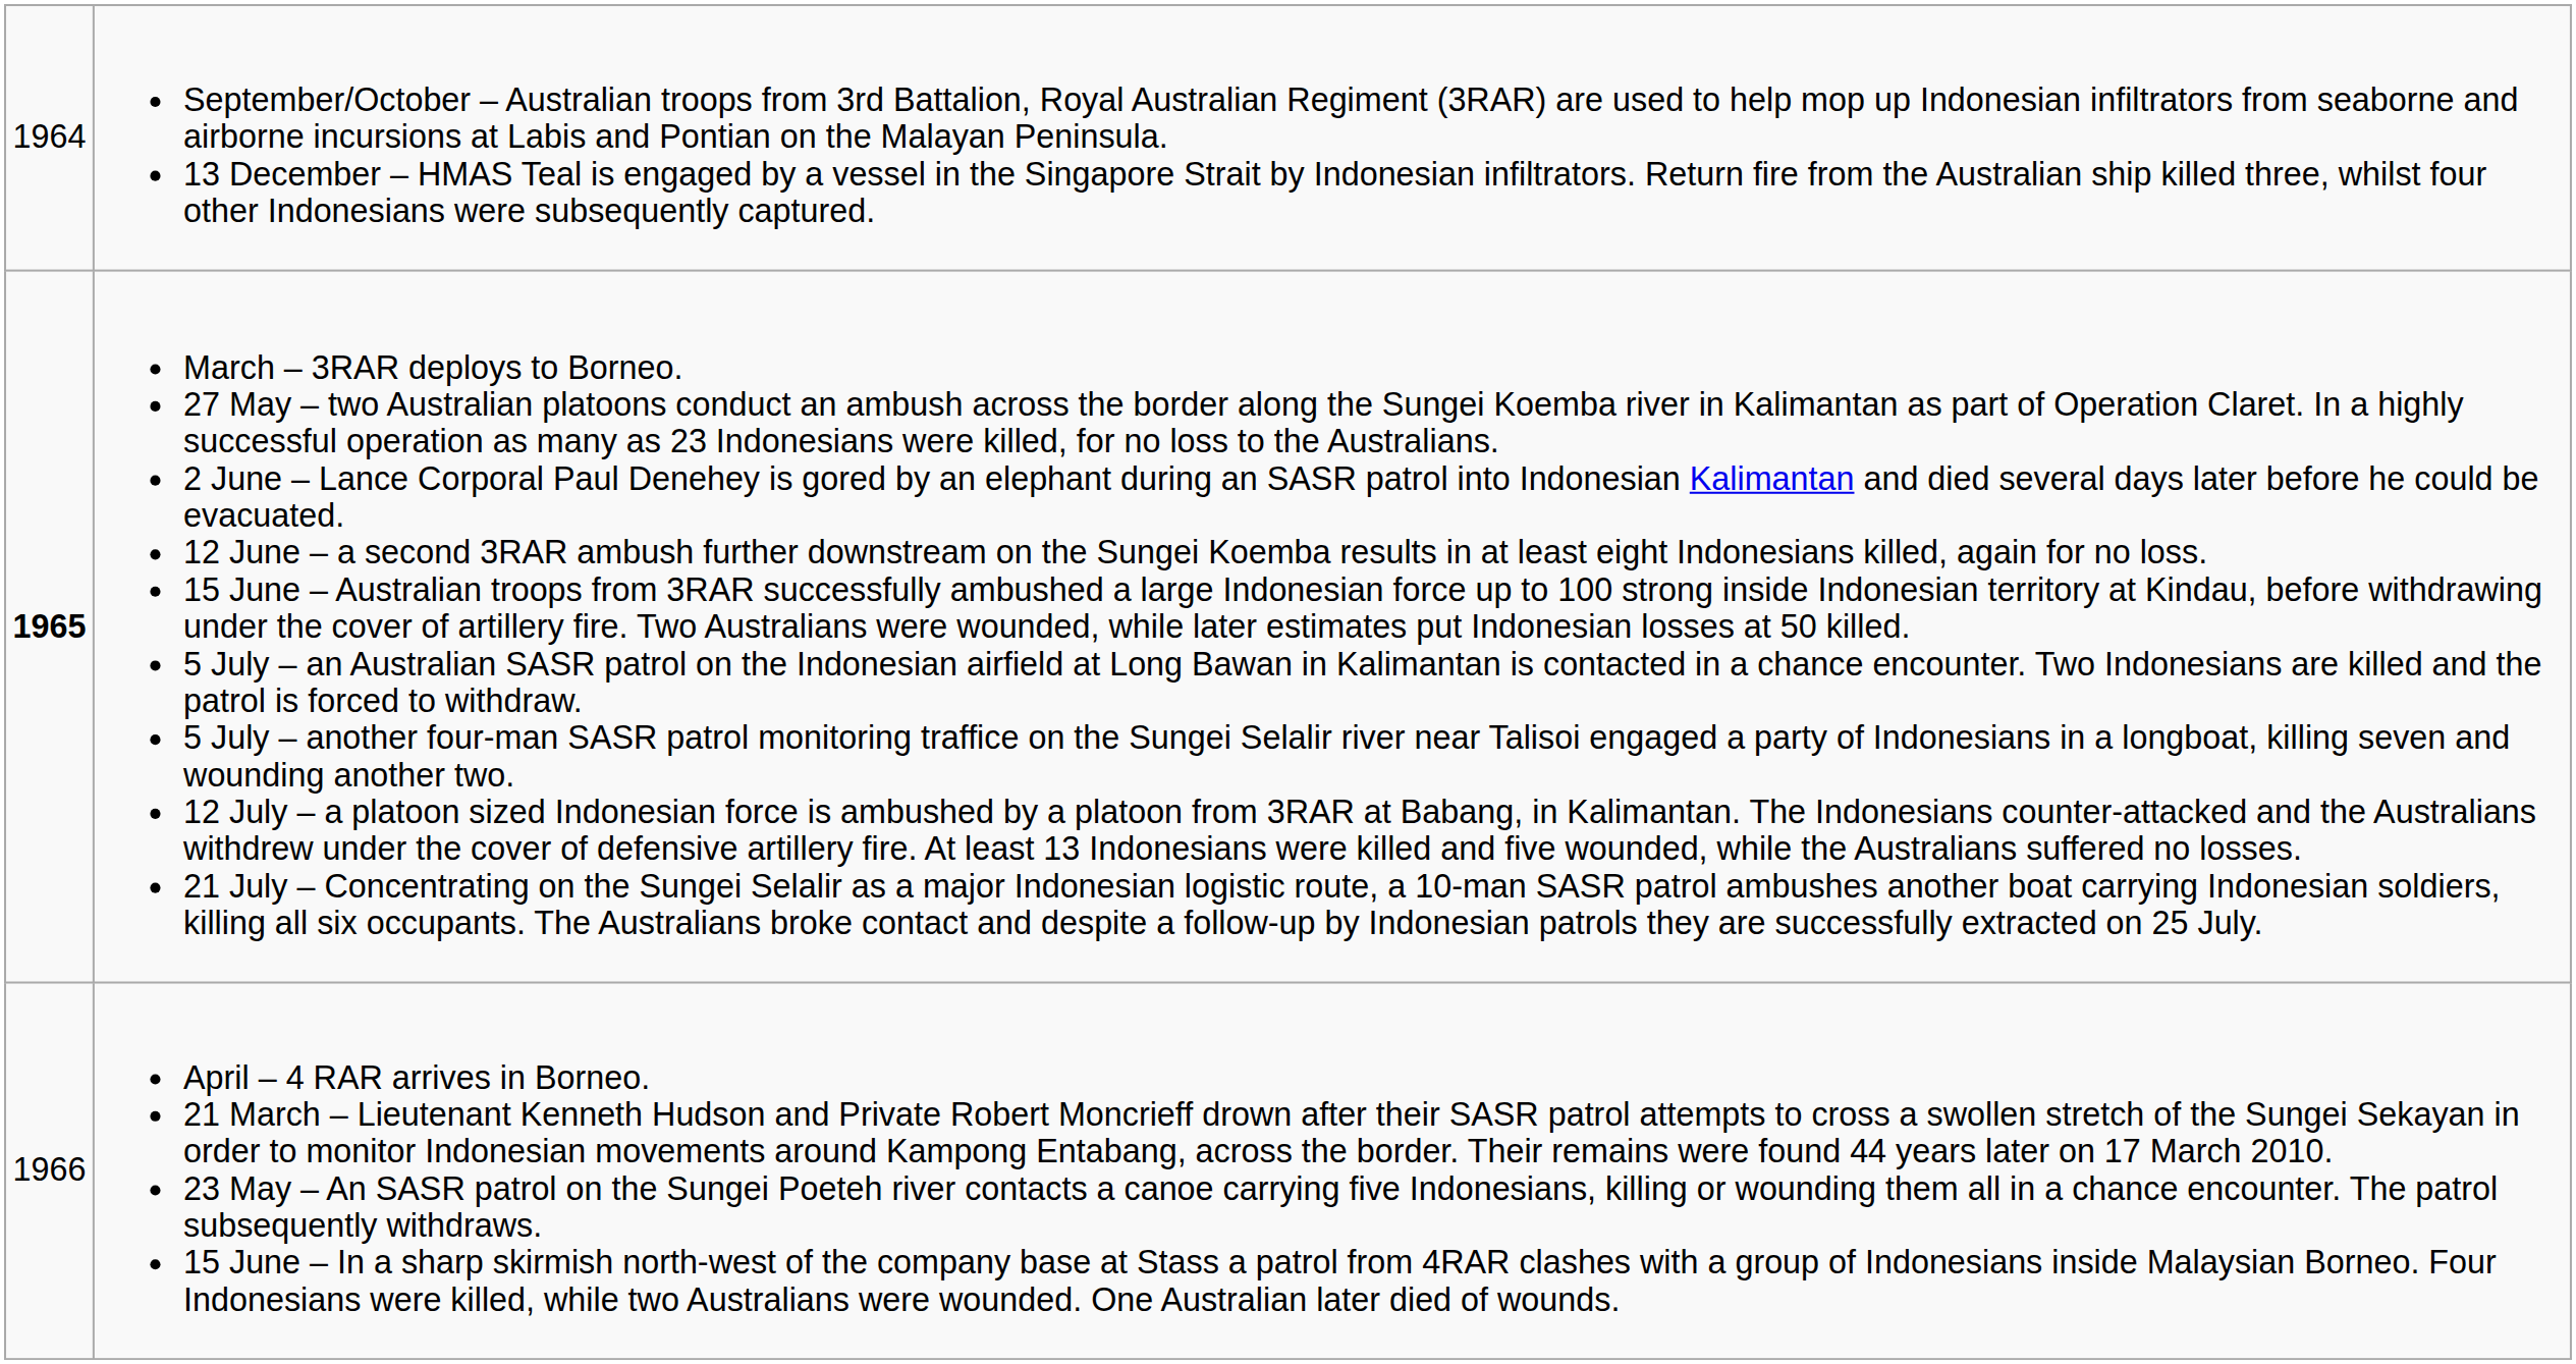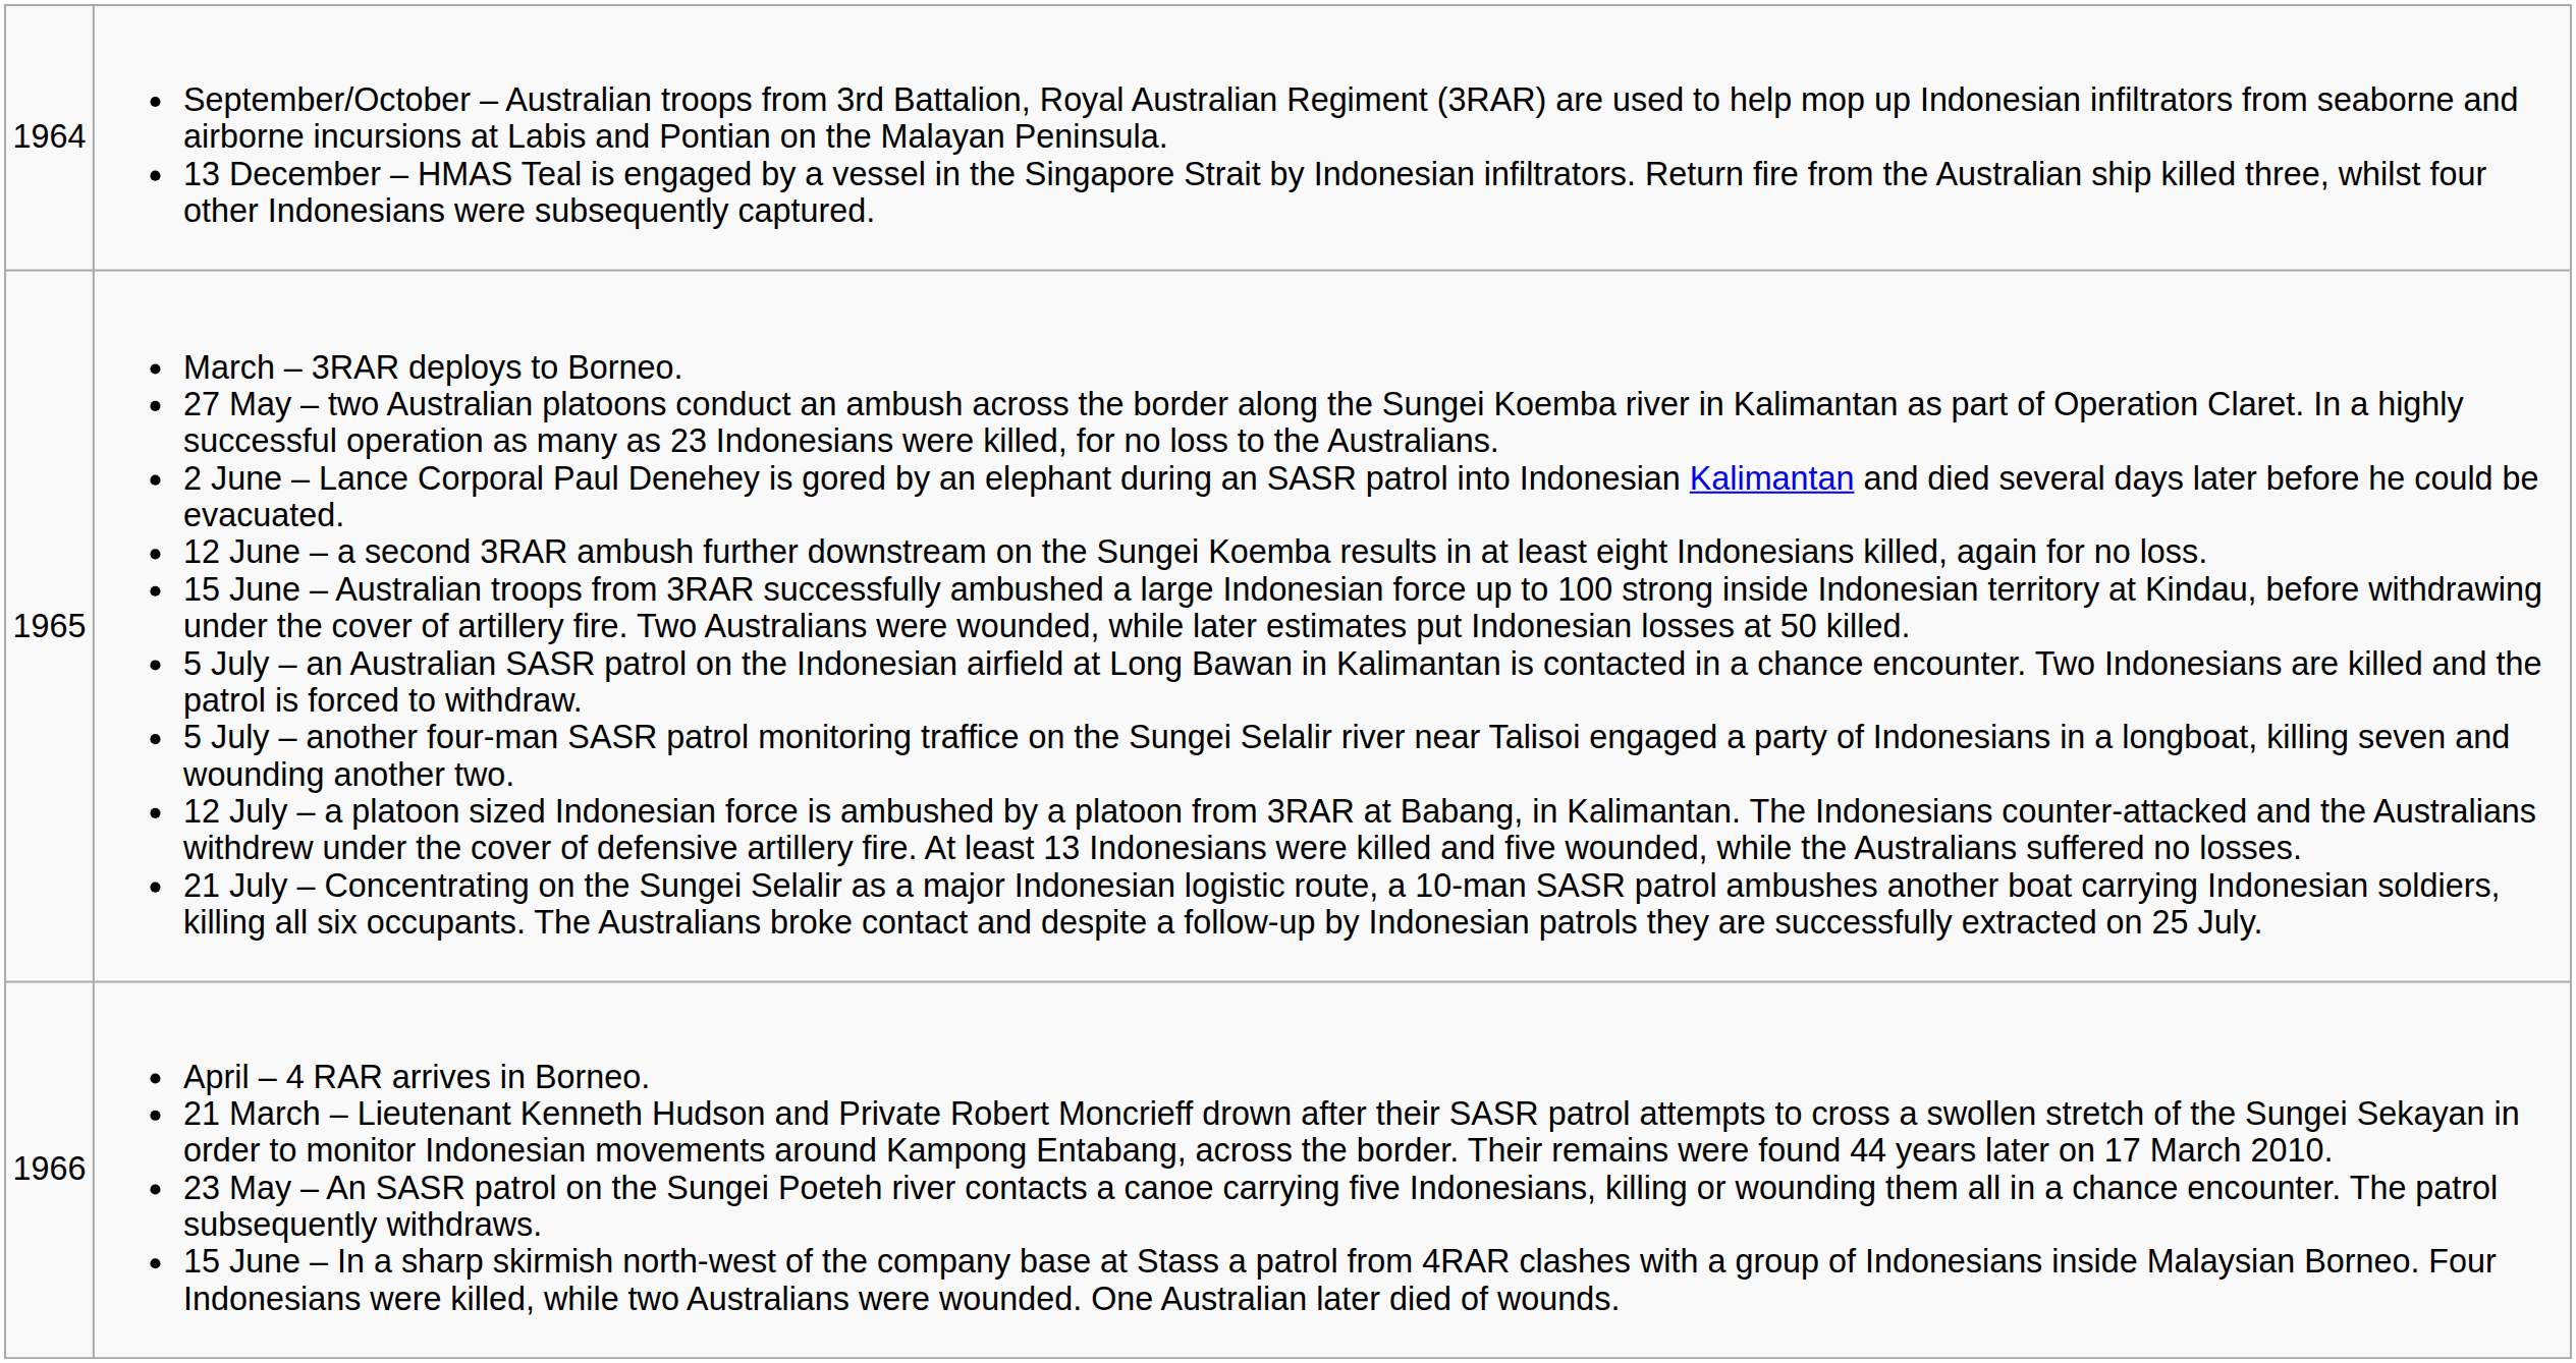 <table class="wikitable">
 <tr>
 <td>1964</td>
 <td><br><ul><li>September/October – Australian troops from 3rd Battalion, Royal Australian Regiment (3RAR) are used to help mop up Indonesian infiltrators from seaborne and airborne incursions at Labis and Pontian on the Malayan Peninsula.</li><li>13 December – HMAS Teal is engaged by a vessel in the Singapore Strait by Indonesian infiltrators. Return fire from the Australian ship killed three, whilst four other Indonesians were subsequently captured.</li></ul></td>
 </tr>
 <tr>
-<td><strong>1965</strong></td>
+<td>1965</td>
 <td><br><ul><li>March – 3RAR deploys to Borneo.</li><li>27 May – two Australian platoons conduct an ambush across the border along the Sungei Koemba river in Kalimantan as part of Operation Claret. In a highly successful operation as many as 23 Indonesians were killed, for no loss to the Australians.</li><li>2 June – Lance Corporal Paul Denehey is gored by an elephant during an SASR patrol into Indonesian <a href='#'>Kalimantan</a> and died several days later before he could be evacuated.</li><li>12 June – a second 3RAR ambush further downstream on the Sungei Koemba results in at least eight Indonesians killed, again for no loss.</li><li>15 June – Australian troops from 3RAR successfully ambushed a large Indonesian force up to 100 strong inside Indonesian territory at Kindau, before withdrawing under the cover of artillery fire. Two Australians were wounded, while later estimates put Indonesian losses at 50 killed.</li><li>5 July – an Australian SASR patrol on the Indonesian airfield at Long Bawan in Kalimantan is contacted in a chance encounter. Two Indonesians are killed and the patrol is forced to withdraw.</li><li>5 July – another four-man SASR patrol monitoring traffice on the Sungei Selalir river near Talisoi engaged a party of Indonesians in a longboat, killing seven and wounding another two.</li><li>12 July – a platoon sized Indonesian force is ambushed by a platoon from 3RAR at Babang, in Kalimantan. The Indonesians counter-attacked and the Australians withdrew under the cover of defensive artillery fire. At least 13 Indonesians were killed and five wounded, while the Australians suffered no losses.</li><li>21 July – Concentrating on the Sungei Selalir as a major Indonesian logistic route, a 10-man SASR patrol ambushes another boat carrying Indonesian soldiers, killing all six occupants. The Australians broke contact and despite a follow-up by Indonesian patrols they are successfully extracted on 25 July.</li></ul></td>
 </tr>
 <tr>
 <td>1966</td>
 <td><br><ul><li>April –  4 RAR arrives in Borneo.</li><li>21 March – Lieutenant Kenneth Hudson and Private Robert Moncrieff drown after their SASR patrol attempts to cross a swollen stretch of the Sungei Sekayan in order to monitor Indonesian movements around Kampong Entabang, across the border. Their remains were found 44 years later on 17 March 2010.</li><li>23 May – An SASR patrol on the Sungei Poeteh river contacts a canoe carrying five Indonesians, killing or wounding them all in a chance encounter. The patrol subsequently withdraws.</li><li>15 June – In a sharp skirmish  north-west of the company base at Stass a patrol from 4RAR clashes with a group of Indonesians inside Malaysian Borneo. Four Indonesians were killed, while two Australians were wounded. One Australian later died of wounds.</li></ul></td>
 </tr>
 </table>
